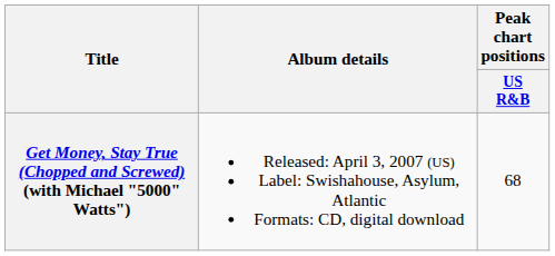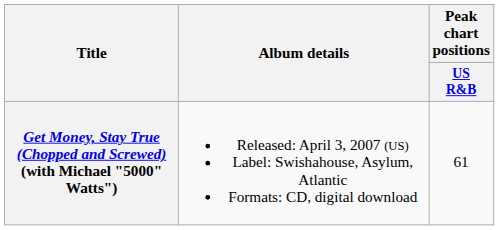 <table class="wikitable plainrowheaders" style="text-align:center;">
 <tr>
 <th scope="col" rowspan="2" style="width:11em;">Title</th>
 <th scope="col" rowspan="2" style="width:16em;">Album details</th>
 <th scope="col">Peak chart positions</th>
 </tr>
 <tr>
 <th scope="col" style="width:3em;font-size:90%;"><a href='#'>US<br>R&B</a><br></th>
 </tr>
 <tr>
 <th scope="row"><em><a href='#'>Get Money, Stay True (Chopped and Screwed)</a></em><br><span>(with Michael "5000" Watts")</span></th>
 <td><br><ul><li>Released: April 3, 2007 <small>(US)</small></li><li>Label: Swishahouse, Asylum, Atlantic</li><li>Formats: CD, digital download</li></ul></td>
-<td>68</td>
+<td>61</td>
 </tr>
 </table>
